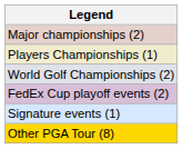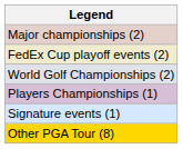 <table class="wikitable" style="font-size:95%;">
 <tr>
 <th>Legend</th>
 </tr>
 <tr style="background:#e5d1cb;">
 <td>Major championships  (2)</td>
 </tr>
 <tr style="background:#f2ecce;">
-<td>Players Championships (1)</td>
+<td>FedEx Cup playoff events (2)</td>
 </tr>
 <tr style="background:#dfe2e9;">
 <td>World Golf Championships (2)</td>
 </tr>
 <tr style="background:thistle;">
-<td>FedEx Cup playoff events (2)</td>
+<td>Players Championships (1)</td>
 </tr>
 <tr style="background:#D6E8FF;">
 <td>Signature events (1)</td>
 </tr>
 <tr>
 <td style="background: gold;">Other PGA Tour (8)</td>
 </tr>
 </table>
